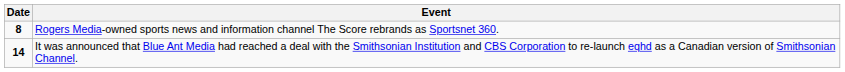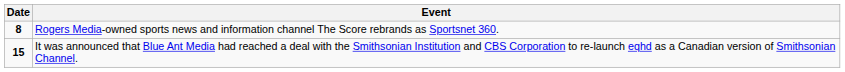 <table class="wikitable">
 <tr>
 <th>Date</th>
 <th>Event</th>
 </tr>
 <tr>
 <td style="text-align:center;"><strong>8</strong></td>
 <td><a href='#'>Rogers Media</a>-owned sports news and information channel The Score rebrands as <a href='#'>Sportsnet 360</a>.</td>
 </tr>
 <tr>
-<td style="text-align:center;"><strong>14</strong></td>
+<td style="text-align:center;"><strong>15</strong></td>
 <td>It was announced that <a href='#'>Blue Ant Media</a> had reached a deal with the <a href='#'>Smithsonian Institution</a> and <a href='#'>CBS Corporation</a>  to re-launch <a href='#'>eqhd</a> as a Canadian version of <a href='#'>Smithsonian Channel</a>.</td>
 </tr>
 </table>
